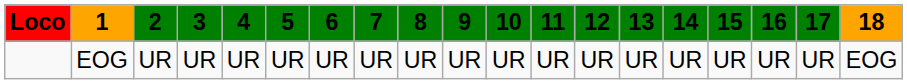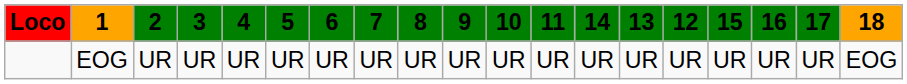 <table class="wikitable plainrowheaders unsortable" style="text-align:center">
 <tr>
 <th scope="col" rowspan="1" style="background:RED;">Loco</th>
 <th scope="col" rowspan="1" style="background:ORANGE;">1</th>
 <th scope="col" rowspan="1" style="background:GREEN;">2</th>
 <th scope="col" rowspan="1" style="background:GREEN;">3</th>
 <th scope="col" rowspan="1" style="background:GREEN;">4</th>
 <th scope="col" rowspan="1" style="background:GREEN;">5</th>
 <th scope="col" rowspan="1" style="background:GREEN;">6</th>
 <th scope="col" rowspan="1" style="background:GREEN;">7</th>
 <th scope="col" rowspan="1" style="background:GREEN;">8</th>
 <th scope="col" rowspan="1" style="background:GREEN;">9</th>
 <th scope="col" rowspan="1" style="background:GREEN;">10</th>
 <th scope="col" rowspan="1" style="background:GREEN;">11</th>
+<th scope="col" rowspan="1" style="background:GREEN;">14</th>
+<th scope="col" rowspan="1" style="background:GREEN;">13</th>
 <th scope="col" rowspan="1" style="background:GREEN;">12</th>
-<th scope="col" rowspan="1" style="background:GREEN;">13</th>
-<th scope="col" rowspan="1" style="background:GREEN;">14</th>
 <th scope="col" rowspan="1" style="background:GREEN;">15</th>
 <th scope="col" rowspan="1" style="background:GREEN;">16</th>
 <th scope="col" rowspan="1" style="background:GREEN;">17</th>
 <th scope="col" rowspan="1" style="background:ORANGE;">18</th>
 </tr>
 <tr>
 <td></td>
 <td>EOG</td>
 <td>UR</td>
 <td>UR</td>
 <td>UR</td>
 <td>UR</td>
 <td>UR</td>
 <td>UR</td>
 <td>UR</td>
 <td>UR</td>
 <td>UR</td>
 <td>UR</td>
 <td>UR</td>
 <td>UR</td>
 <td>UR</td>
 <td>UR</td>
 <td>UR</td>
 <td>UR</td>
 <td>EOG</td>
 </tr>
 </table>
